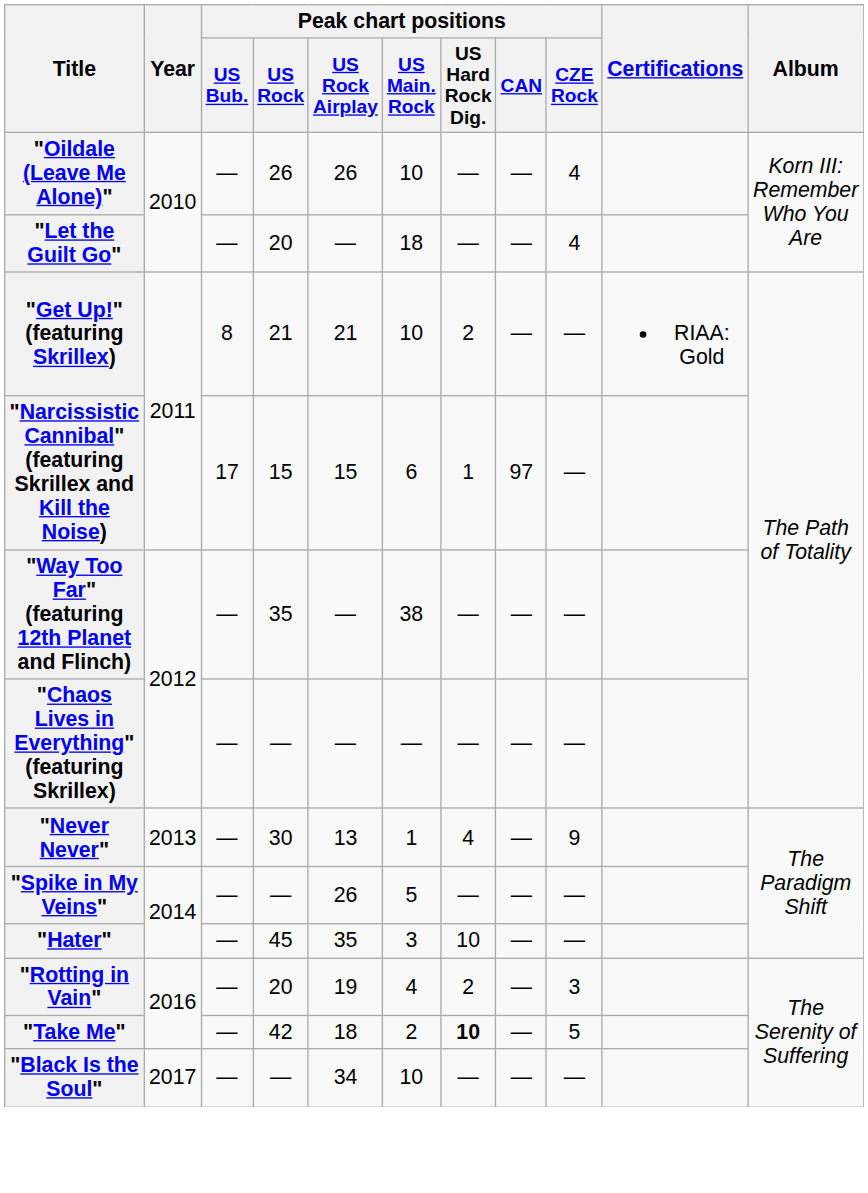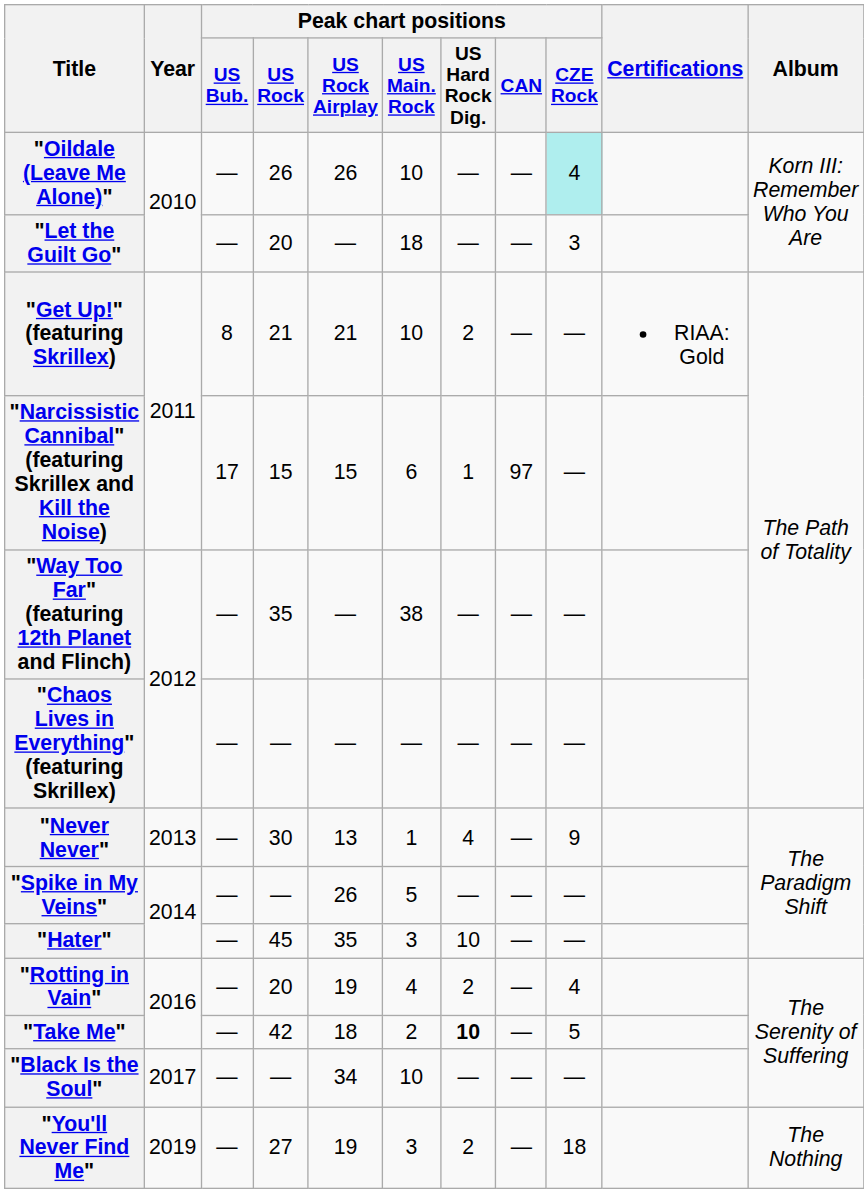 <table class="wikitable plainrowheaders" style="text-align:center;">
 <tr>
 <th scope="col" rowspan="2" style="width:12em;">Title</th>
 <th scope="col" rowspan="2">Year</th>
 <th scope="col" colspan="7">Peak chart positions</th>
 <th scope="col" rowspan="2" style="width:10em;"><a href='#'>Certifications</a></th>
 <th scope="col" rowspan="2" style="width:12em;">Album</th>
 </tr>
 <tr>
 <th scope="col" style="width:3em;font-size:90%;"><a href='#'>US<br>Bub.</a><br></th>
 <th scope="col" style="width:3em;font-size:90%;"><a href='#'>US<br>Rock</a><br></th>
 <th scope="col" style="width:3em;font-size:90%;"><a href='#'>US<br>Rock Airplay</a><br></th>
 <th scope="col" style="width:3em;font-size:90%;"><a href='#'>US<br>Main.<br>Rock</a><br></th>
 <th scope="col" style="width:3em;font-size:90%;">US Hard Rock Dig.<br></th>
 <th scope="col" style="width:3em;font-size:90%;"><a href='#'>CAN</a><br></th>
 <th scope="col" style="width:3em;font-size:90%;"><a href='#'>CZE<br>Rock</a><br></th>
 </tr>
 <tr>
 <th scope="row">"<a href='#'>Oildale (Leave Me Alone)</a>"</th>
 <td rowspan="2">2010</td>
 <td>—</td>
 <td>26</td>
 <td>26</td>
 <td>10</td>
 <td>—</td>
 <td>—</td>
-<td>4</td>
+<td style="background: paleturquoise;">4</td>
 <td></td>
 <td rowspan="2"><em>Korn III: Remember Who You Are</em></td>
 </tr>
 <tr>
 <th scope="row">"<a href='#'>Let the Guilt Go</a>"</th>
 <td>—</td>
 <td>20</td>
 <td>—</td>
 <td>18</td>
 <td>—</td>
 <td>—</td>
-<td>4</td>
+<td>3</td>
 <td></td>
 </tr>
 <tr>
 <th scope="row">"<a href='#'>Get Up!</a>"<br><span>(featuring <a href='#'>Skrillex</a>)</span></th>
 <td rowspan="2">2011</td>
 <td>8</td>
 <td>21</td>
 <td>21</td>
 <td>10</td>
 <td>2</td>
 <td>—</td>
 <td>—</td>
 <td><br><ul><li>RIAA: Gold</li></ul></td>
 <td rowspan="4"><em>The Path of Totality</em></td>
 </tr>
 <tr>
 <th scope="row">"<a href='#'>Narcissistic Cannibal</a>"<br><span>(featuring Skrillex and <a href='#'>Kill the Noise</a>)</span></th>
 <td>17</td>
 <td>15</td>
 <td>15</td>
 <td>6</td>
 <td>1</td>
 <td>97</td>
 <td>—</td>
 <td></td>
 </tr>
 <tr>
 <th scope="row">"<a href='#'>Way Too Far</a>"<br><span>(featuring <a href='#'>12th Planet</a> and Flinch)</span></th>
 <td rowspan="2">2012</td>
 <td>—</td>
 <td>35</td>
 <td>—</td>
 <td>38</td>
 <td>—</td>
 <td>—</td>
 <td>—</td>
 <td></td>
 </tr>
 <tr>
 <th scope="row">"<a href='#'>Chaos Lives in Everything</a>"<br><span>(featuring Skrillex)</span></th>
 <td>—</td>
 <td>—</td>
 <td>—</td>
 <td>—</td>
 <td>—</td>
 <td>—</td>
 <td>—</td>
 <td></td>
 </tr>
 <tr>
 <th scope="row">"<a href='#'>Never Never</a>"</th>
 <td>2013</td>
 <td>—</td>
 <td>30</td>
 <td>13</td>
 <td>1</td>
 <td>4</td>
 <td>—</td>
 <td>9</td>
 <td></td>
 <td rowspan="3"><em>The Paradigm Shift</em></td>
 </tr>
 <tr>
 <th scope="row">"<a href='#'>Spike in My Veins</a>"</th>
 <td rowspan="2">2014</td>
 <td>—</td>
 <td>—</td>
 <td>26</td>
 <td>5</td>
 <td>—</td>
 <td>—</td>
 <td>—</td>
 <td></td>
 </tr>
 <tr>
 <th scope="row">"<a href='#'>Hater</a>"</th>
 <td>—</td>
 <td>45</td>
 <td>35</td>
 <td>3</td>
 <td>10</td>
 <td>—</td>
 <td>—</td>
 <td></td>
 </tr>
 <tr>
 <th scope= "row">"<a href='#'>Rotting in Vain</a>"</th>
 <td rowspan="2">2016</td>
 <td>—</td>
 <td>20</td>
 <td>19</td>
 <td>4</td>
 <td>2</td>
 <td>—</td>
-<td>3</td>
+<td>4</td>
 <td></td>
 <td rowspan="3"><em>The Serenity of Suffering</em></td>
 </tr>
 <tr>
 <th scope="row">"<a href='#'>Take Me</a>"</th>
 <td>—</td>
 <td>42</td>
 <td>18</td>
 <td>2</td>
 <td><strong>10</strong></td>
 <td>—</td>
 <td>5</td>
 <td></td>
 </tr>
 <tr>
 <th scope="row">"<a href='#'>Black Is the Soul</a>"</th>
 <td>2017</td>
 <td>—</td>
 <td>—</td>
 <td>34</td>
 <td>10</td>
 <td>—</td>
 <td>—</td>
 <td>—</td>
 <td></td>
 </tr>
+<tr>
+<th scope="row">"<a href='#'>You'll Never Find Me</a>"</th>
+<td>2019</td>
+<td>—</td>
+<td>27</td>
+<td>19</td>
+<td>3</td>
+<td>2</td>
+<td>—</td>
+<td>18</td>
+<td></td>
+<td><em>The Nothing</em></td>
+</tr>
 </table>
